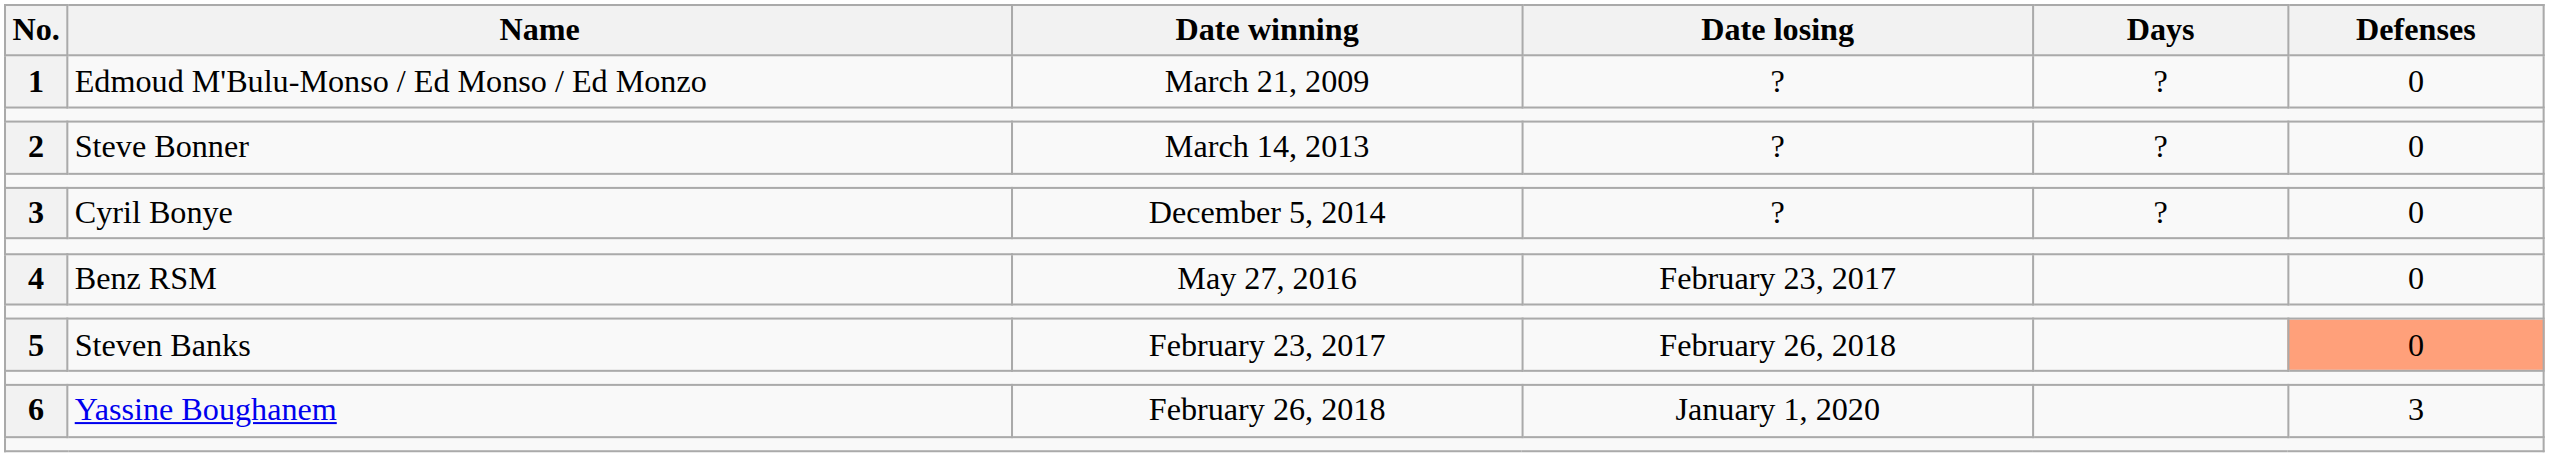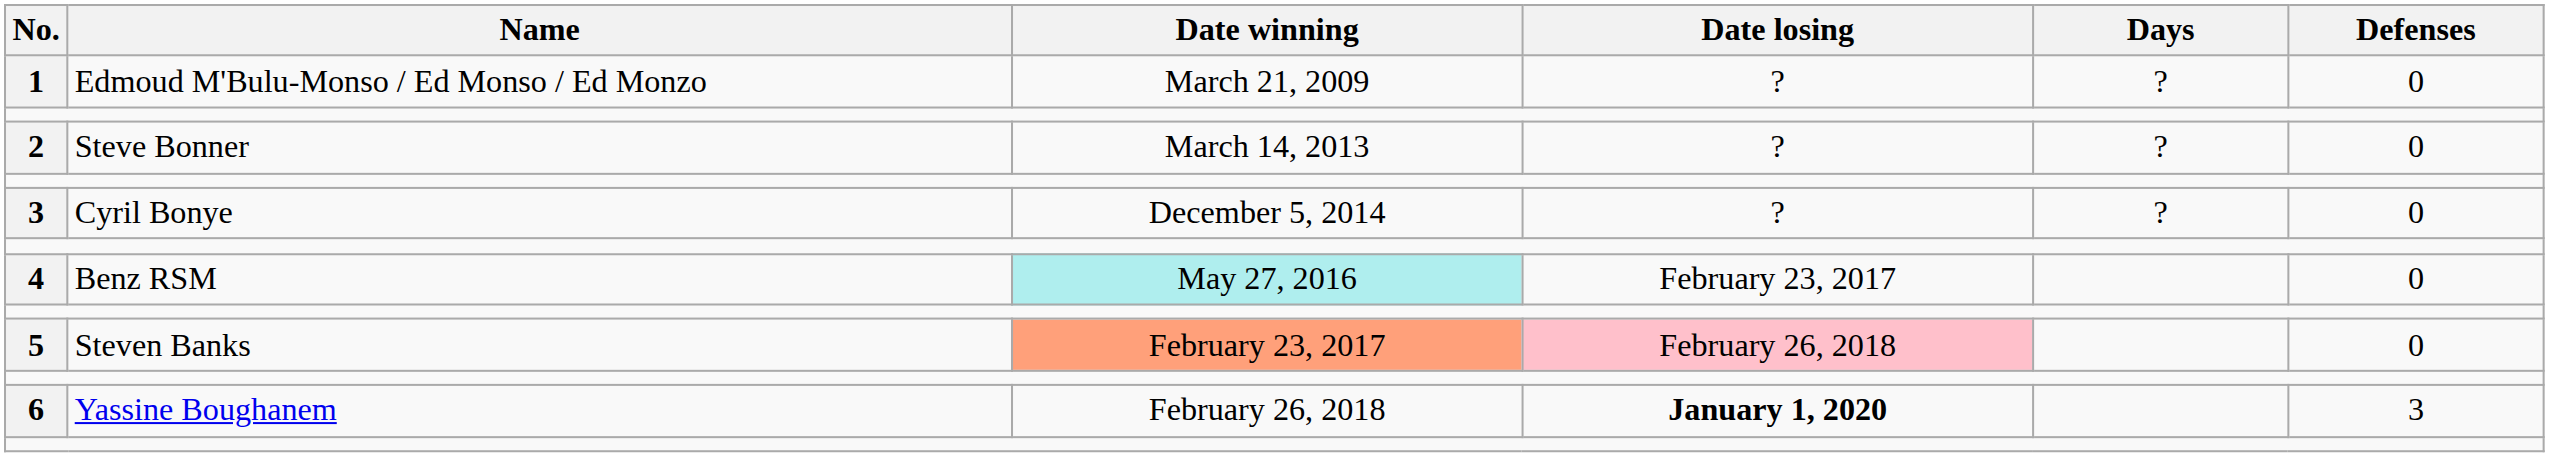 <table class="wikitable" width=100%>
 <tr>
 <th style="width:1%;">No.</th>
 <th style="width:37%;">Name</th>
 <th style="width:20%;">Date winning</th>
 <th style="width:20%;">Date losing</th>
 <th data-sort-type="number" style="width:10%;">Days</th>
 <th data-sort-type="number" style="width:10%;">Defenses</th>
 </tr>
 <tr align=center>
 <th>1</th>
 <td align=left> Edmoud M'Bulu-Monso / Ed Monso / Ed Monzo</td>
 <td>March 21, 2009</td>
 <td>?</td>
 <td>?</td>
 <td>0</td>
 </tr>
 <tr>
 <td colspan="6"></td>
 </tr>
 <tr align=center>
 <th>2</th>
 <td align=left> Steve Bonner</td>
 <td>March 14, 2013</td>
 <td>?</td>
 <td>?</td>
 <td>0</td>
 </tr>
 <tr>
 <td colspan="6"></td>
 </tr>
 <tr align=center>
 <th>3</th>
 <td align=left> Cyril Bonye</td>
 <td>December 5, 2014</td>
 <td>?</td>
 <td>?</td>
 <td>0</td>
 </tr>
 <tr>
 <td colspan="6"></td>
 </tr>
 <tr align=center>
 <th>4</th>
 <td align=left> Benz RSM</td>
-<td>May 27, 2016</td>
+<td style="background: paleturquoise;">May 27, 2016</td>
 <td>February 23, 2017</td>
 <td></td>
 <td>0</td>
 </tr>
 <tr>
 <td colspan="6"></td>
 </tr>
 <tr align=center>
 <th>5</th>
 <td align=left> Steven Banks</td>
-<td>February 23, 2017</td>
-<td>February 26, 2018</td>
+<td style="background: lightsalmon;">February 23, 2017</td>
+<td style="background: pink;">February 26, 2018</td>
 <td></td>
-<td style="background: lightsalmon;">0</td>
+<td>0</td>
 </tr>
 <tr>
 <td colspan="6"></td>
 </tr>
 <tr align=center>
 <th>6</th>
 <td align=left> <a href='#'>Yassine Boughanem</a></td>
 <td>February 26, 2018</td>
-<td>January 1, 2020</td>
+<td><strong>January 1, 2020</strong></td>
 <td></td>
 <td>3</td>
 </tr>
 <tr>
 <td colspan="6"></td>
 </tr>
 </table>
